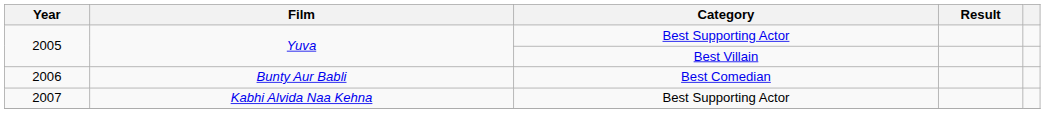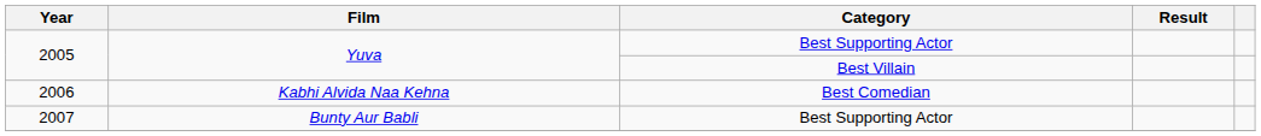 <table class="wikitable sortable" style="width:100%;">
 <tr>
 <th style="width:5%;">Year</th>
 <th style="width:25%;">Film</th>
 <th style="width:25%;">Category</th>
 <th style="width:5%;">Result</th>
 <th style="width:1%;" class="unsortable"></th>
 </tr>
 <tr>
 <td style="text-align:center;" rowspan="2">2005</td>
 <td style="text-align:center;" rowspan="2"><em><a href='#'>Yuva</a></em></td>
 <td style="text-align:center;"><a href='#'>Best Supporting Actor</a></td>
 <td></td>
 <td style="text-align:center;"></td>
 </tr>
 <tr>
 <td style="text-align:center;"><a href='#'>Best Villain</a></td>
 <td></td>
 <td style="text-align:center;"></td>
 </tr>
 <tr>
 <td style="text-align:center;">2006</td>
-<td style="text-align:center;"><em><a href='#'>Bunty Aur Babli</a></em></td>
+<td style="text-align:center;"><em><a href='#'>Kabhi Alvida Naa Kehna</a></em></td>
 <td style="text-align:center;"><a href='#'>Best Comedian</a></td>
 <td></td>
 <td style="text-align:center;"></td>
 </tr>
 <tr>
 <td style="text-align:center;">2007</td>
-<td style="text-align:center;"><em><a href='#'>Kabhi Alvida Naa Kehna</a></em></td>
+<td style="text-align:center;"><em><a href='#'>Bunty Aur Babli</a></em></td>
 <td style="text-align:center;">Best Supporting Actor</td>
 <td></td>
 <td style="text-align:center;"></td>
 </tr>
 <tr>
 </tr>
 </table>
